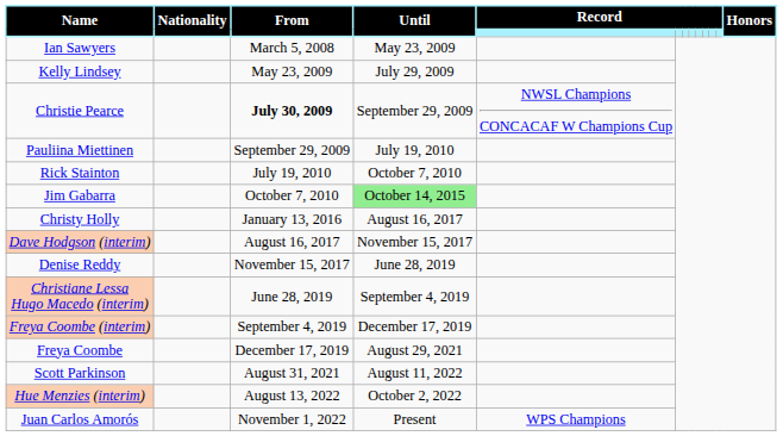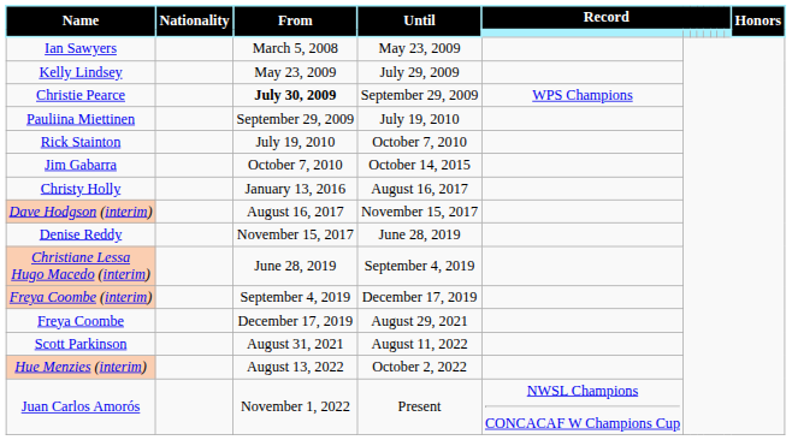 <table class="wikitable sortable" style="text-align:center;">
 <tr>
 <th rowspan="2" style="background:#000000; color:#FFFFFF; border:2px solid #A9F1FD;">Name</th>
 <th rowspan="2" style="background:#000000; color:#FFFFFF; border:2px solid #A9F1FD;">Nationality</th>
 <th rowspan="2" style="background:#000000; color:#FFFFFF; border:2px solid #A9F1FD;">From</th>
 <th rowspan="2" style="background:#000000; color:#FFFFFF; border:2px solid #A9F1FD;">Until</th>
 <th colspan="8" class="unsortable" style="background:#000000; color:#FFFFFF; border:2px solid #A9F1FD;">Record</th>
 <th rowspan="2" style="background:#000000; color:#FFFFFF; border:2px solid #A9F1FD;">Honors</th>
 </tr>
 <tr>
 <th style="background:#A9F1FD; color:#000;"></th>
 <th style="background:#A9F1FD; color:#000;"></th>
 <th style="background:#A9F1FD; color:#000;"></th>
 <th style="background:#A9F1FD; color:#000;"></th>
 <th style="background:#A9F1FD; color:#000;"></th>
 <th style="background:#A9F1FD; color:#000;"></th>
 <th style="background:#A9F1FD; color:#000;"></th>
 <th style="background:#A9F1FD; color:#000;"></th>
 </tr>
 <tr>
 <td><a href='#'>Ian Sawyers</a></td>
 <td></td>
 <td>March 5, 2008</td>
 <td>May 23, 2009<br></td>
 <td></td>
 </tr>
 <tr>
 <td><a href='#'>Kelly Lindsey</a></td>
 <td></td>
 <td>May 23, 2009</td>
 <td>July 29, 2009<br></td>
 <td></td>
 </tr>
 <tr>
 <td><a href='#'>Christie Pearce</a></td>
 <td></td>
 <td><strong>July 30, 2009</strong></td>
 <td>September 29, 2009<br></td>
-<td><a href='#'>NWSL Champions</a> <hr> <a href='#'>CONCACAF W Champions Cup</a></td>
+<td><a href='#'>WPS Champions</a></td>
 </tr>
 <tr>
 <td><a href='#'>Pauliina Miettinen</a></td>
 <td></td>
 <td>September 29, 2009</td>
 <td>July 19, 2010<br></td>
 <td></td>
 </tr>
 <tr>
 <td><a href='#'>Rick Stainton</a></td>
 <td></td>
 <td>July 19, 2010</td>
 <td>October 7, 2010<br></td>
 <td></td>
 </tr>
 <tr>
 <td><a href='#'>Jim Gabarra</a></td>
 <td></td>
 <td>October 7, 2010</td>
-<td style="background: lightgreen;">October 14, 2015<br></td>
+<td>October 14, 2015<br></td>
 <td></td>
 </tr>
 <tr>
 <td><a href='#'>Christy Holly</a></td>
 <td></td>
 <td>January 13, 2016</td>
 <td>August 16, 2017<br></td>
 <td></td>
 </tr>
 <tr>
 <td bgcolor="#FBCEB1"><em><a href='#'>Dave Hodgson</a> (<a href='#'>interim</a>)</em></td>
 <td></td>
 <td>August 16, 2017</td>
 <td>November 15, 2017<br></td>
 <td></td>
 </tr>
 <tr>
 <td><a href='#'>Denise Reddy</a></td>
 <td></td>
 <td>November 15, 2017</td>
 <td>June 28, 2019<br></td>
 <td></td>
 </tr>
 <tr>
 <td bgcolor="#FBCEB1"><em><a href='#'>Christiane Lessa</a><br><a href='#'>Hugo Macedo</a> (<a href='#'>interim</a>)</em></td>
 <td><br></td>
 <td>June 28, 2019</td>
 <td>September 4, 2019<br></td>
 <td></td>
 </tr>
 <tr>
 <td bgcolor="#FBCEB1"><em><a href='#'>Freya Coombe</a> (<a href='#'>interim</a>)</em></td>
 <td></td>
 <td>September 4, 2019</td>
 <td>December 17, 2019<br></td>
 <td></td>
 </tr>
 <tr>
 <td><a href='#'>Freya Coombe</a></td>
 <td></td>
 <td>December 17, 2019</td>
 <td>August 29, 2021<br></td>
 <td></td>
 </tr>
 <tr>
 <td><a href='#'>Scott Parkinson</a></td>
 <td></td>
 <td>August 31, 2021</td>
 <td>August 11, 2022<br></td>
 <td></td>
 </tr>
 <tr>
 <td bgcolor="#FBCEB1"><em><a href='#'>Hue Menzies</a> (<a href='#'>interim</a>)</em></td>
 <td></td>
 <td>August 13, 2022</td>
 <td>October 2, 2022<br></td>
 <td></td>
 </tr>
 <tr>
 <td><a href='#'>Juan Carlos Amorós</a></td>
 <td></td>
 <td>November 1, 2022</td>
 <td>Present<br></td>
-<td><a href='#'>WPS Champions</a></td>
+<td><a href='#'>NWSL Champions</a> <hr> <a href='#'>CONCACAF W Champions Cup</a></td>
 </tr>
 </table>
